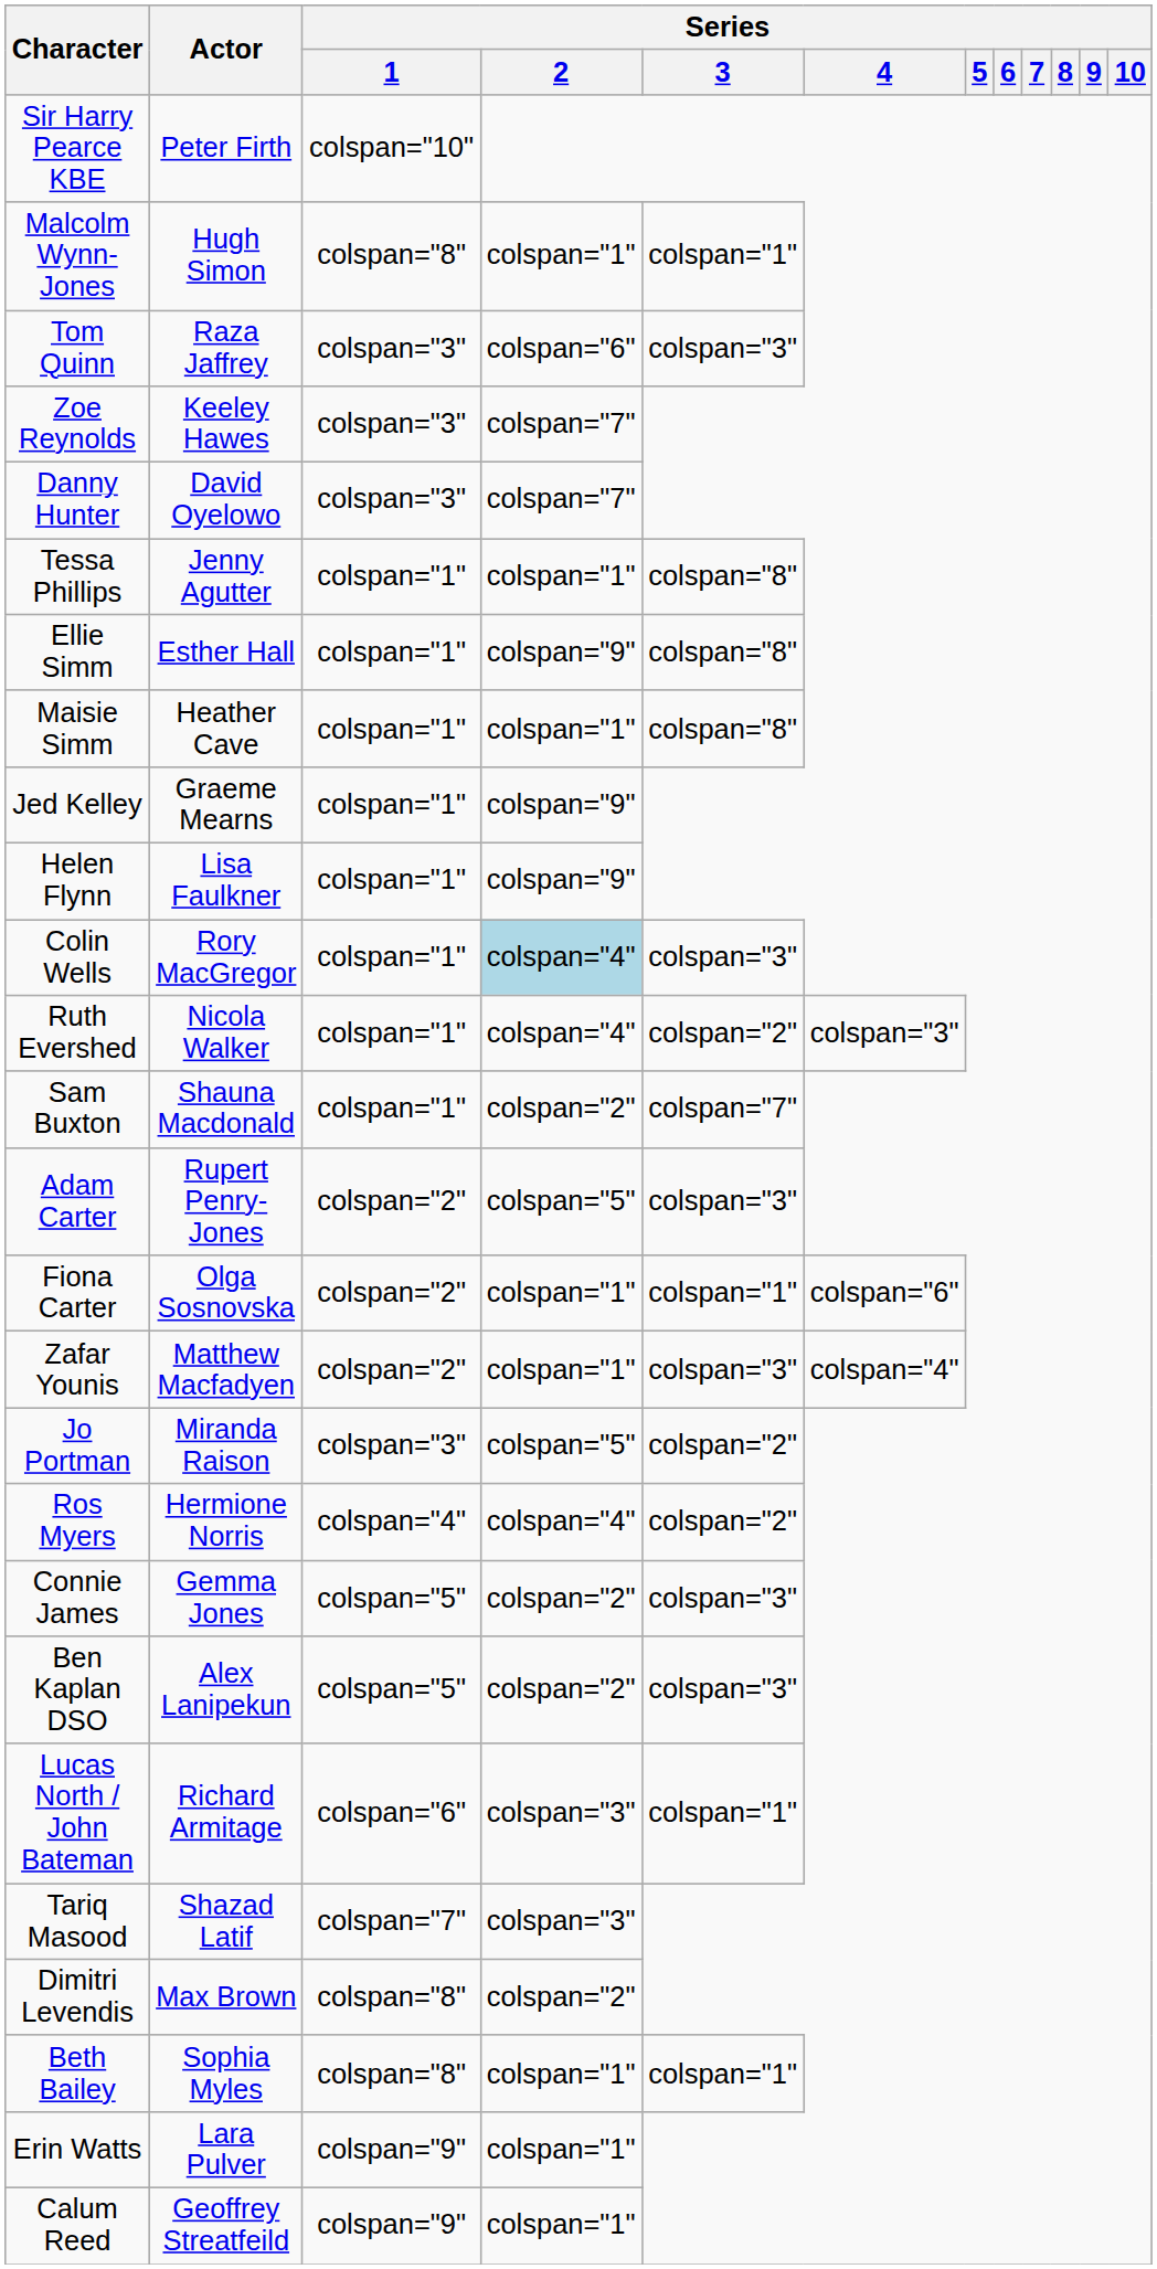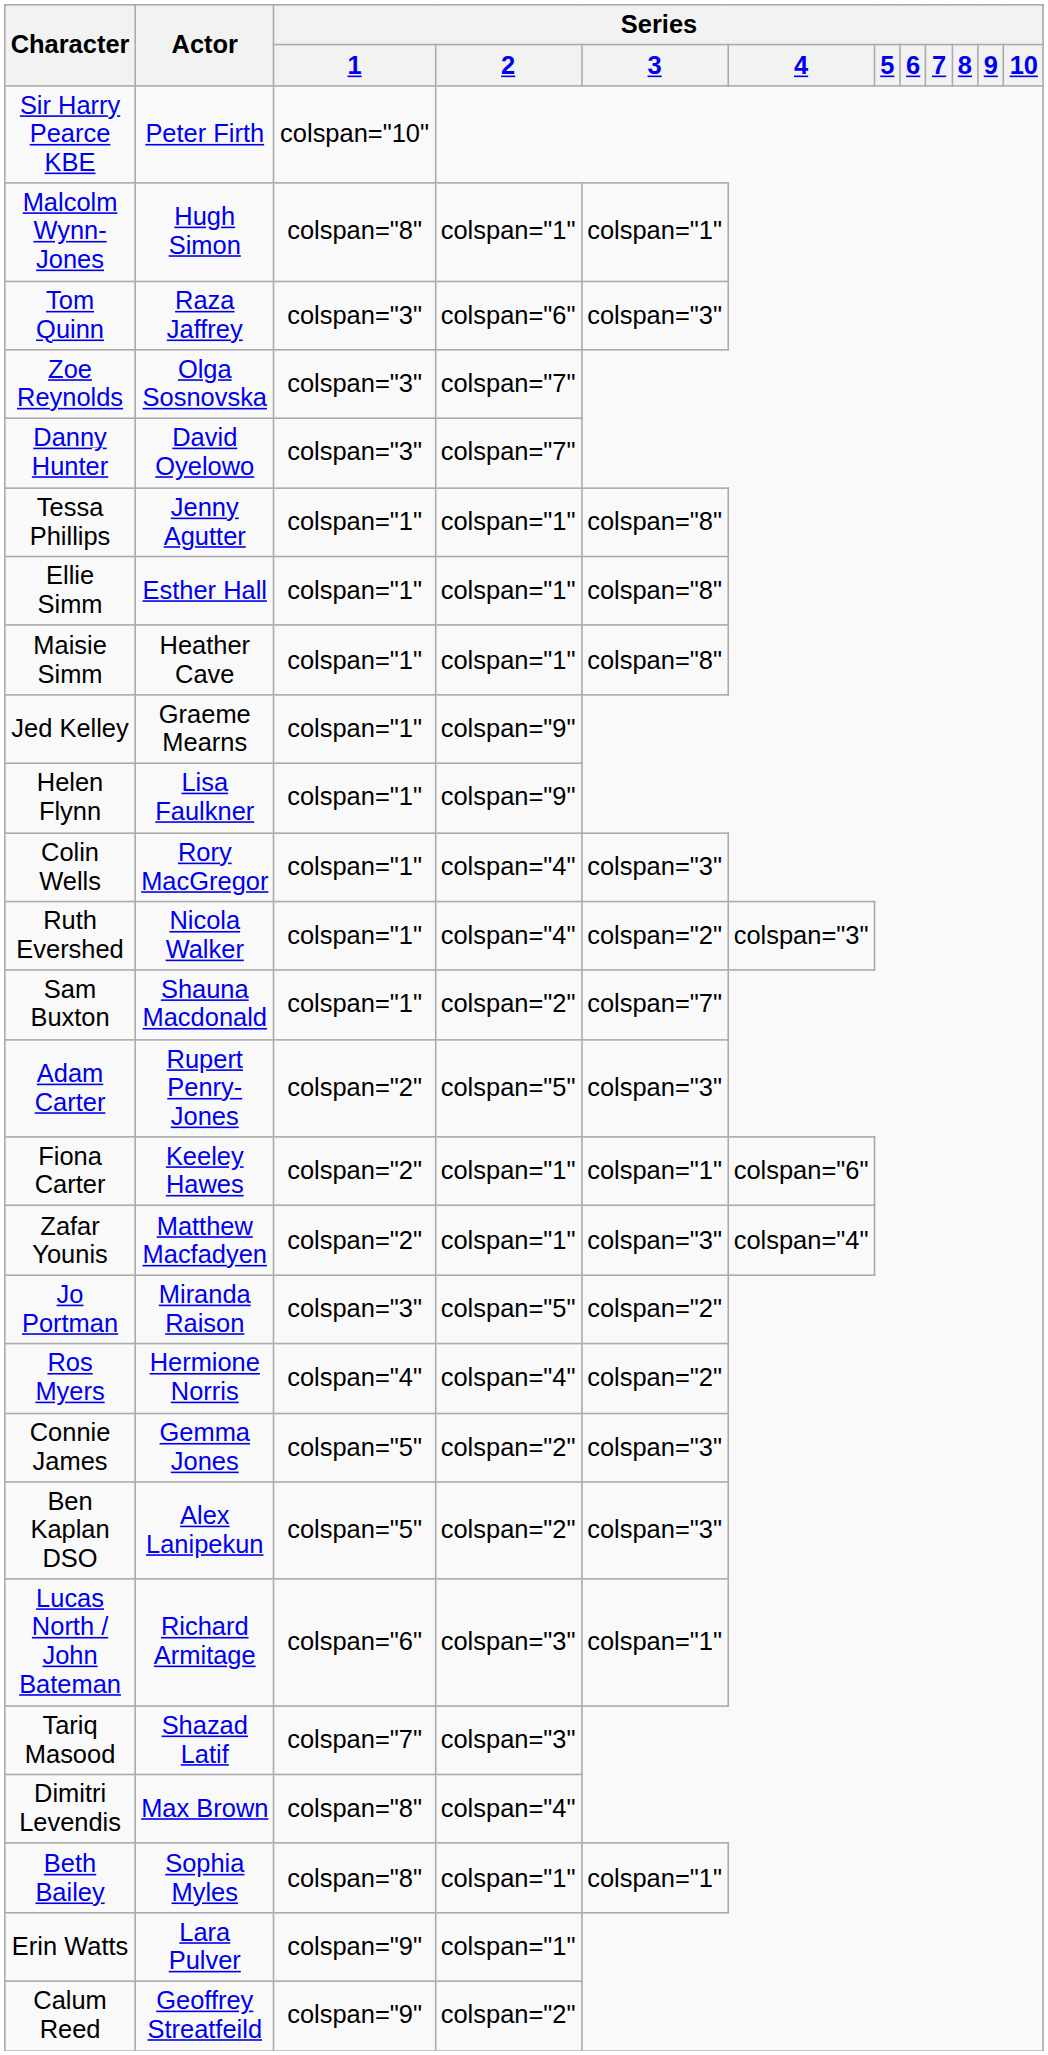 <table class="wikitable" style="text-align:center; width:99%;">
 <tr>
 <th scope="col" rowspan="2">Character</th>
 <th scope="col" rowspan="2">Actor</th>
 <th scope="col" colspan="11">Series</th>
 </tr>
 <tr>
 <th style=width:5em><a href='#'>1</a></th>
 <th style=width:5em><a href='#'>2</a></th>
 <th style=width:5em><a href='#'>3</a></th>
 <th style=width:5em><a href='#'>4</a></th>
 <th style=width:5em><a href='#'>5</a></th>
 <th style=width:5em><a href='#'>6</a></th>
 <th style=width:5em><a href='#'>7</a></th>
 <th style=width:5em><a href='#'>8</a></th>
 <th style=width:5em><a href='#'>9</a></th>
 <th style=width:5em><a href='#'>10</a></th>
 </tr>
 <tr>
 <td><a href='#'>Sir Harry Pearce KBE</a></td>
 <td><a href='#'>Peter Firth</a></td>
 <td>colspan="10" </td>
 </tr>
 <tr>
 <td><a href='#'>Malcolm Wynn-Jones</a></td>
 <td><a href='#'>Hugh Simon</a></td>
 <td>colspan="8" </td>
 <td>colspan="1" </td>
 <td>colspan="1" </td>
 </tr>
 <tr>
 <td><a href='#'>Tom Quinn</a></td>
 <td><a href='#'>Raza Jaffrey</a></td>
 <td>colspan="3" </td>
 <td>colspan="6" </td>
 <td>colspan="3" </td>
 </tr>
 <tr>
 <td><a href='#'>Zoe Reynolds</a></td>
-<td><a href='#'>Keeley Hawes</a></td>
+<td><a href='#'>Olga Sosnovska</a></td>
 <td>colspan="3" </td>
 <td>colspan="7" </td>
 </tr>
 <tr>
 <td><a href='#'>Danny Hunter</a></td>
 <td><a href='#'>David Oyelowo</a></td>
 <td>colspan="3" </td>
 <td>colspan="7" </td>
 </tr>
 <tr>
 <td>Tessa Phillips</td>
 <td><a href='#'>Jenny Agutter</a></td>
 <td>colspan="1" </td>
 <td>colspan="1" </td>
 <td>colspan="8" </td>
 </tr>
 <tr>
 <td>Ellie Simm</td>
 <td><a href='#'>Esther Hall</a></td>
 <td>colspan="1" </td>
-<td>colspan="9" </td>
+<td>colspan="1" </td>
 <td>colspan="8" </td>
 </tr>
 <tr>
 <td>Maisie Simm</td>
 <td>Heather Cave</td>
 <td>colspan="1" </td>
 <td>colspan="1" </td>
 <td>colspan="8" </td>
 </tr>
 <tr>
 <td>Jed Kelley</td>
 <td>Graeme Mearns</td>
 <td>colspan="1" </td>
 <td>colspan="9" </td>
 </tr>
 <tr>
 <td>Helen Flynn</td>
 <td><a href='#'>Lisa Faulkner</a></td>
 <td>colspan="1" </td>
 <td>colspan="9" </td>
 </tr>
 <tr>
 <td>Colin Wells</td>
 <td><a href='#'>Rory MacGregor</a></td>
 <td>colspan="1" </td>
-<td style="background: lightblue;">colspan="4" </td>
+<td>colspan="4" </td>
 <td>colspan="3" </td>
 </tr>
 <tr>
 <td>Ruth Evershed</td>
 <td><a href='#'>Nicola Walker</a></td>
 <td>colspan="1" </td>
 <td>colspan="4" </td>
 <td>colspan="2" </td>
 <td>colspan="3" </td>
 </tr>
 <tr>
 <td>Sam Buxton</td>
 <td><a href='#'>Shauna Macdonald</a></td>
 <td>colspan="1" </td>
 <td>colspan="2" </td>
 <td>colspan="7" </td>
 </tr>
 <tr>
 <td><a href='#'>Adam Carter</a></td>
 <td><a href='#'>Rupert Penry-Jones</a></td>
 <td>colspan="2" </td>
 <td>colspan="5" </td>
 <td>colspan="3" </td>
 </tr>
 <tr>
 <td>Fiona Carter</td>
-<td><a href='#'>Olga Sosnovska</a></td>
+<td><a href='#'>Keeley Hawes</a></td>
 <td>colspan="2" </td>
 <td>colspan="1" </td>
 <td>colspan="1" </td>
 <td>colspan="6" </td>
 </tr>
 <tr>
 <td>Zafar Younis</td>
 <td><a href='#'>Matthew Macfadyen</a></td>
 <td>colspan="2" </td>
 <td>colspan="1" </td>
 <td>colspan="3" </td>
 <td>colspan="4" </td>
 </tr>
 <tr>
 <td><a href='#'>Jo Portman</a></td>
 <td><a href='#'>Miranda Raison</a></td>
 <td>colspan="3" </td>
 <td>colspan="5" </td>
 <td>colspan="2" </td>
 </tr>
 <tr>
 <td><a href='#'>Ros Myers</a></td>
 <td><a href='#'>Hermione Norris</a></td>
 <td>colspan="4" </td>
 <td>colspan="4" </td>
 <td>colspan="2" </td>
 </tr>
 <tr>
 <td>Connie James</td>
 <td><a href='#'>Gemma Jones</a></td>
 <td>colspan="5" </td>
 <td>colspan="2" </td>
 <td>colspan="3" </td>
 </tr>
 <tr>
 <td>Ben Kaplan DSO</td>
 <td><a href='#'>Alex Lanipekun</a></td>
 <td>colspan="5" </td>
 <td>colspan="2" </td>
 <td>colspan="3" </td>
 </tr>
 <tr>
 <td><a href='#'>Lucas North / John Bateman</a></td>
 <td><a href='#'>Richard Armitage</a></td>
 <td>colspan="6" </td>
 <td>colspan="3" </td>
 <td>colspan="1" </td>
 </tr>
 <tr>
 <td>Tariq Masood</td>
 <td><a href='#'>Shazad Latif</a></td>
 <td>colspan="7" </td>
 <td>colspan="3" </td>
 </tr>
 <tr>
 <td>Dimitri Levendis</td>
 <td><a href='#'>Max Brown</a></td>
 <td>colspan="8" </td>
-<td>colspan="2" </td>
+<td>colspan="4" </td>
 </tr>
 <tr>
 <td><a href='#'>Beth Bailey</a></td>
 <td><a href='#'>Sophia Myles</a></td>
 <td>colspan="8" </td>
 <td>colspan="1" </td>
 <td>colspan="1" </td>
 </tr>
 <tr>
 <td>Erin Watts</td>
 <td><a href='#'>Lara Pulver</a></td>
 <td>colspan="9" </td>
 <td>colspan="1" </td>
 </tr>
 <tr>
 <td>Calum Reed</td>
 <td><a href='#'>Geoffrey Streatfeild</a></td>
 <td>colspan="9" </td>
-<td>colspan="1" </td>
+<td>colspan="2" </td>
 </tr>
 </table>
